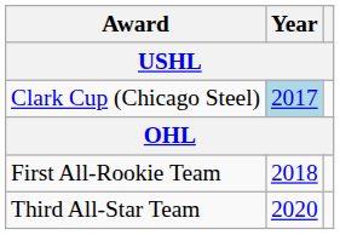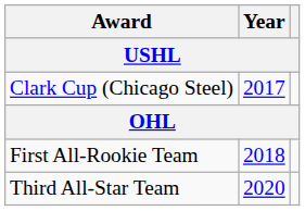 <table class="wikitable">
 <tr>
 <th>Award</th>
 <th>Year</th>
 <th></th>
 </tr>
 <tr ALIGN="center" bgcolor="#e0e0e0">
 <th colspan="3"><a href='#'>USHL</a></th>
 </tr>
 <tr>
 <td><a href='#'>Clark Cup</a> (Chicago Steel)</td>
-<td style="background: lightblue;"><a href='#'>2017</a></td>
+<td><a href='#'>2017</a></td>
 <td></td>
 </tr>
 <tr ALIGN="center" bgcolor="#e0e0e0">
 <th colspan="3"><a href='#'>OHL</a></th>
 </tr>
 <tr>
 <td>First All-Rookie Team</td>
 <td><a href='#'>2018</a></td>
 <td></td>
 </tr>
 <tr>
 <td>Third All-Star Team</td>
 <td><a href='#'>2020</a></td>
 <td></td>
 </tr>
 </table>
